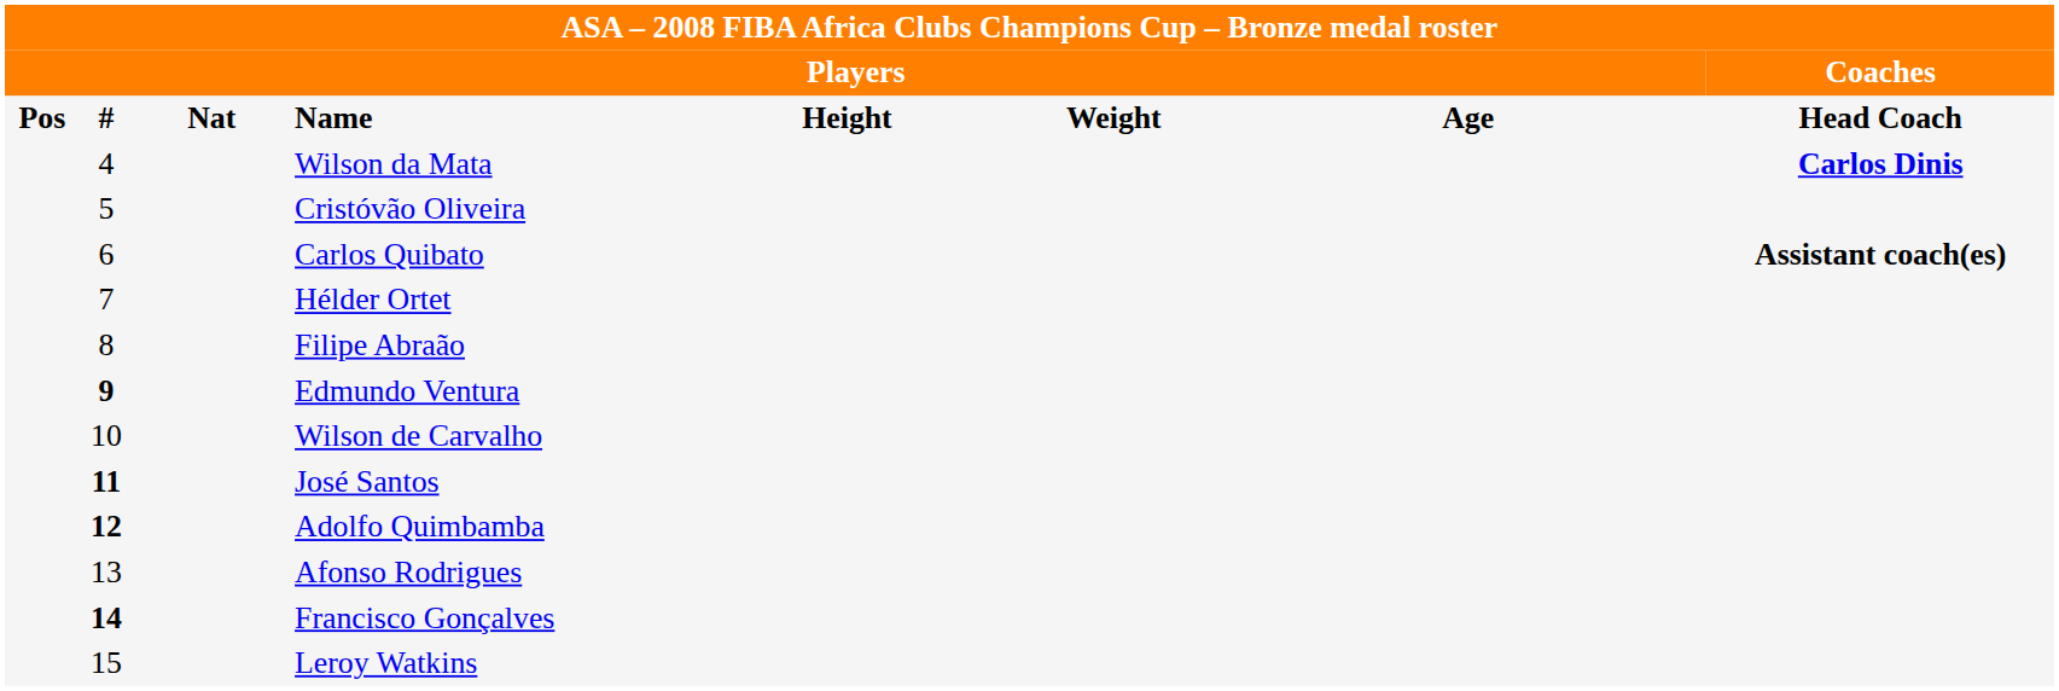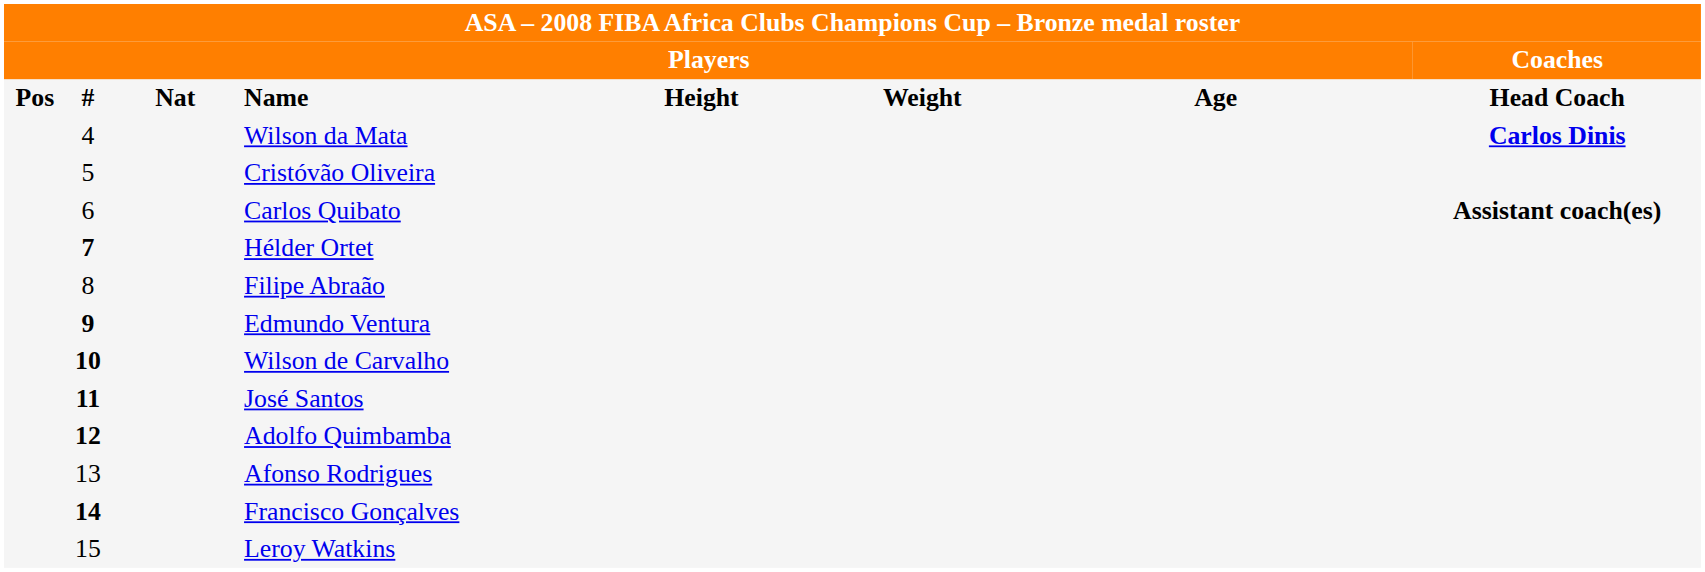 <table border=0 cellpadding=2 cellspacing=0  |- bgcolor=#f5f5f5 style="text-align:center; font-size:90%;" width=75%>
 <tr>
 <td colspan="8" style="background: #ff7f00; color: white"><strong>ASA – 2008 FIBA Africa Clubs Champions Cup – Bronze medal roster</strong></td>
 </tr>
 <tr>
 <td colspan="7" style="background: #ff7f00; color: white"><strong>Players</strong></td>
 <td style="background: #ff7f00; color: white"><strong>Coaches</strong></td>
 </tr>
 <tr style="background=#f5f5f5; color: black">
 <th width=5px>Pos</th>
 <th width=5px>#</th>
 <th width=50px>Nat</th>
 <th width=135px align=left>Name</th>
 <th width=100px>Height</th>
 <th width=75px>Weight</th>
 <th width=160px>Age</th>
 <th width=115px>Head Coach</th>
 </tr>
 <tr>
 <td></td>
 <td>4</td>
 <td></td>
 <td align=left><a href='#'>Wilson da Mata</a></td>
 <td></td>
 <td></td>
 <td><span></span></td>
 <td><strong> <a href='#'>Carlos Dinis</a></strong></td>
 </tr>
 <tr>
 <td></td>
 <td>5</td>
 <td></td>
 <td align=left><a href='#'>Cristóvão Oliveira</a></td>
 <td></td>
 <td></td>
 <td><span></span></td>
 </tr>
 <tr>
 <td></td>
 <td>6</td>
 <td></td>
 <td align=left><a href='#'>Carlos Quibato</a></td>
 <td></td>
 <td></td>
 <td><span></span></td>
 <td><strong>Assistant coach(es)</strong></td>
 </tr>
 <tr>
 <td></td>
-<td>7</td>
+<td><strong>7</strong></td>
 <td></td>
 <td align=left><a href='#'>Hélder Ortet</a></td>
 <td></td>
 <td></td>
 <td><span></span></td>
 <td align=left></td>
 </tr>
 <tr>
 <td></td>
 <td>8</td>
 <td></td>
 <td align=left><a href='#'>Filipe Abraão</a></td>
 <td><span></span></td>
 <td><span></span></td>
 <td><span></span></td>
 <td align=left></td>
 </tr>
 <tr>
 <td></td>
 <td><strong>9</strong></td>
 <td></td>
 <td align=left><a href='#'>Edmundo Ventura</a></td>
 <td></td>
 <td></td>
 <td><span></span></td>
 </tr>
 <tr>
 <td></td>
-<td>10</td>
+<td><strong>10</strong></td>
 <td></td>
 <td align=left><a href='#'>Wilson de Carvalho</a></td>
 <td></td>
 <td></td>
 <td><span></span></td>
 </tr>
 <tr>
 <td></td>
 <td><strong>11</strong></td>
 <td></td>
 <td align=left><a href='#'>José Santos</a></td>
 <td></td>
 <td></td>
 <td><span></span></td>
 </tr>
 <tr>
 <td></td>
 <td><strong>12</strong></td>
 <td></td>
 <td align=left><a href='#'>Adolfo Quimbamba</a></td>
 <td><span></span></td>
 <td><span></span></td>
 <td><span></span></td>
 </tr>
 <tr>
 <td></td>
 <td>13</td>
 <td></td>
 <td align=left><a href='#'>Afonso Rodrigues</a></td>
 <td></td>
 <td></td>
 <td><span></span></td>
 </tr>
 <tr>
 <td></td>
 <td><strong>14</strong></td>
 <td></td>
 <td align=left><a href='#'>Francisco Gonçalves</a></td>
 <td></td>
 <td></td>
 <td><span></span></td>
 </tr>
 <tr>
 <td></td>
 <td>15</td>
 <td></td>
 <td align=left><a href='#'>Leroy Watkins</a></td>
 <td><span></span></td>
 <td></td>
 <td><span></span></td>
 </tr>
 </table>
